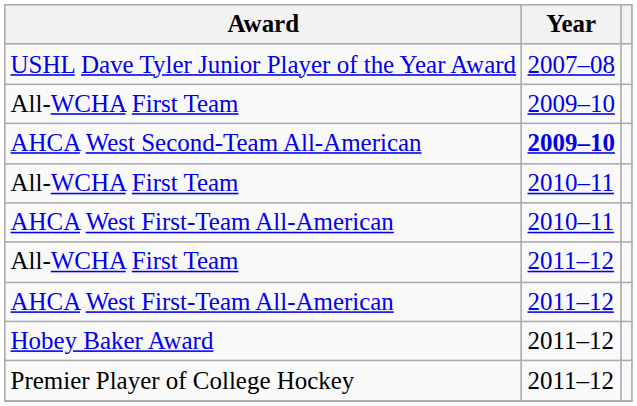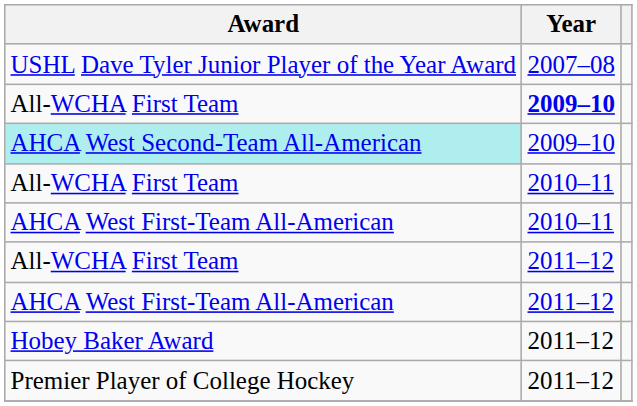 <table class="wikitable">
 <tr>
 <th>Award</th>
 <th>Year</th>
 <th></th>
 </tr>
 <tr>
 <td><a href='#'>USHL</a> <a href='#'>Dave Tyler Junior Player of the Year Award</a></td>
 <td><a href='#'>2007–08</a></td>
 <td></td>
 </tr>
 <tr>
 <td>All-<a href='#'>WCHA</a> <a href='#'>First Team</a></td>
-<td><a href='#'>2009–10</a></td>
+<td><strong><a href='#'>2009–10</a></strong></td>
 <td></td>
 </tr>
 <tr>
-<td><a href='#'>AHCA</a> <a href='#'>West Second-Team All-American</a></td>
-<td><strong><a href='#'>2009–10</a></strong></td>
+<td style="background: paleturquoise;"><a href='#'>AHCA</a> <a href='#'>West Second-Team All-American</a></td>
+<td><a href='#'>2009–10</a></td>
 <td></td>
 </tr>
 <tr>
 <td>All-<a href='#'>WCHA</a> <a href='#'>First Team</a></td>
 <td><a href='#'>2010–11</a></td>
 <td></td>
 </tr>
 <tr>
 <td><a href='#'>AHCA</a> <a href='#'>West First-Team All-American</a></td>
 <td><a href='#'>2010–11</a></td>
 <td></td>
 </tr>
 <tr>
 <td>All-<a href='#'>WCHA</a> <a href='#'>First Team</a></td>
 <td><a href='#'>2011–12</a></td>
 <td></td>
 </tr>
 <tr>
 <td><a href='#'>AHCA</a> <a href='#'>West First-Team All-American</a></td>
 <td><a href='#'>2011–12</a></td>
 <td></td>
 </tr>
 <tr>
 <td><a href='#'>Hobey Baker Award</a></td>
 <td>2011–12</td>
 <td></td>
 </tr>
 <tr>
 <td>Premier Player of College Hockey</td>
 <td>2011–12</td>
 <td></td>
 </tr>
 <tr>
 </tr>
 </table>
